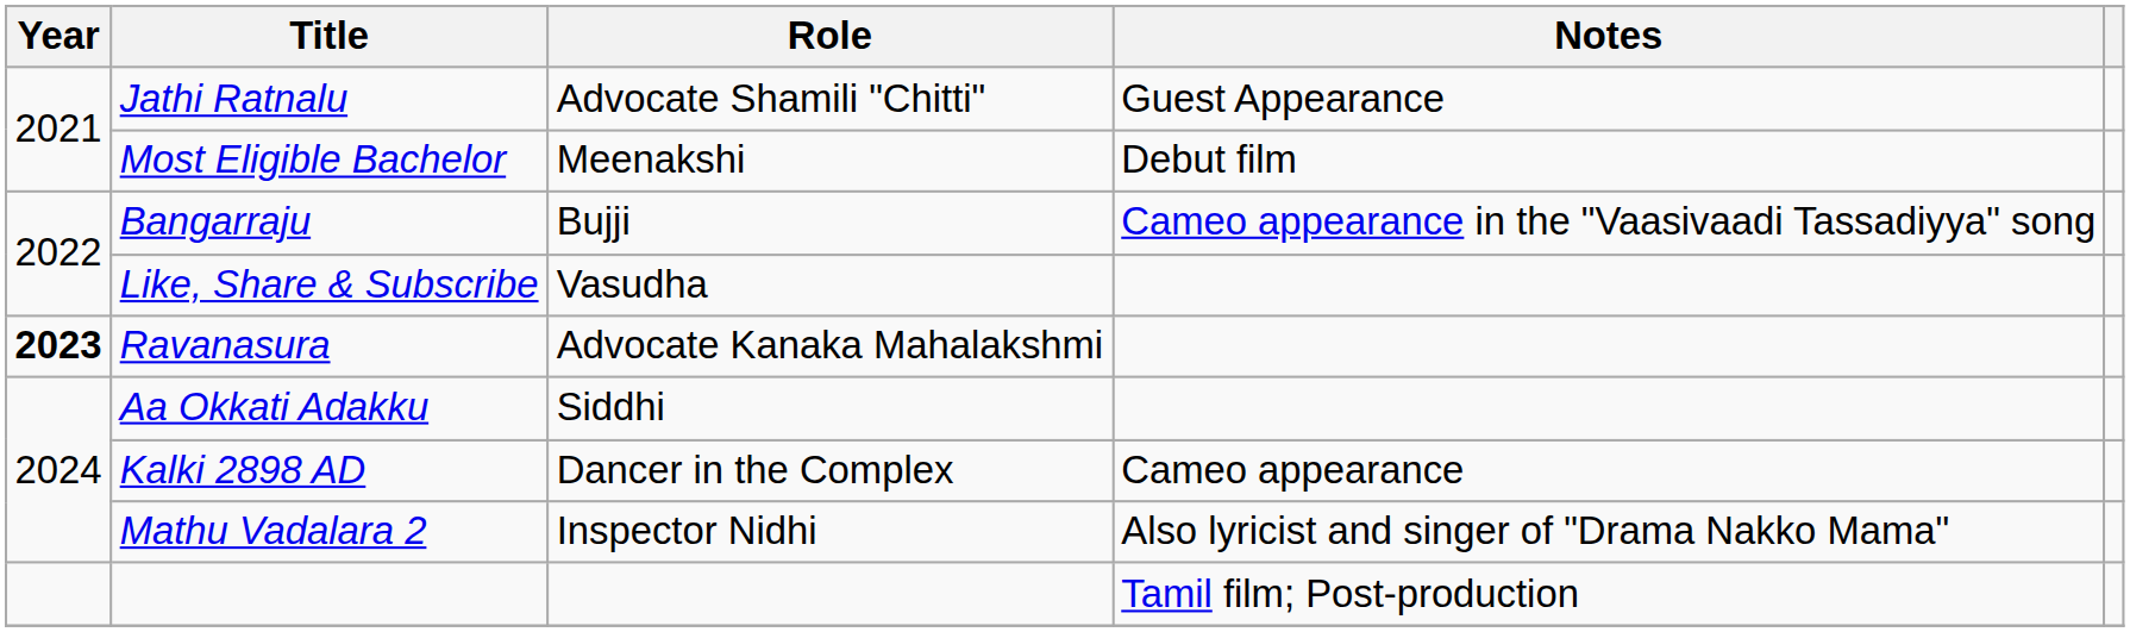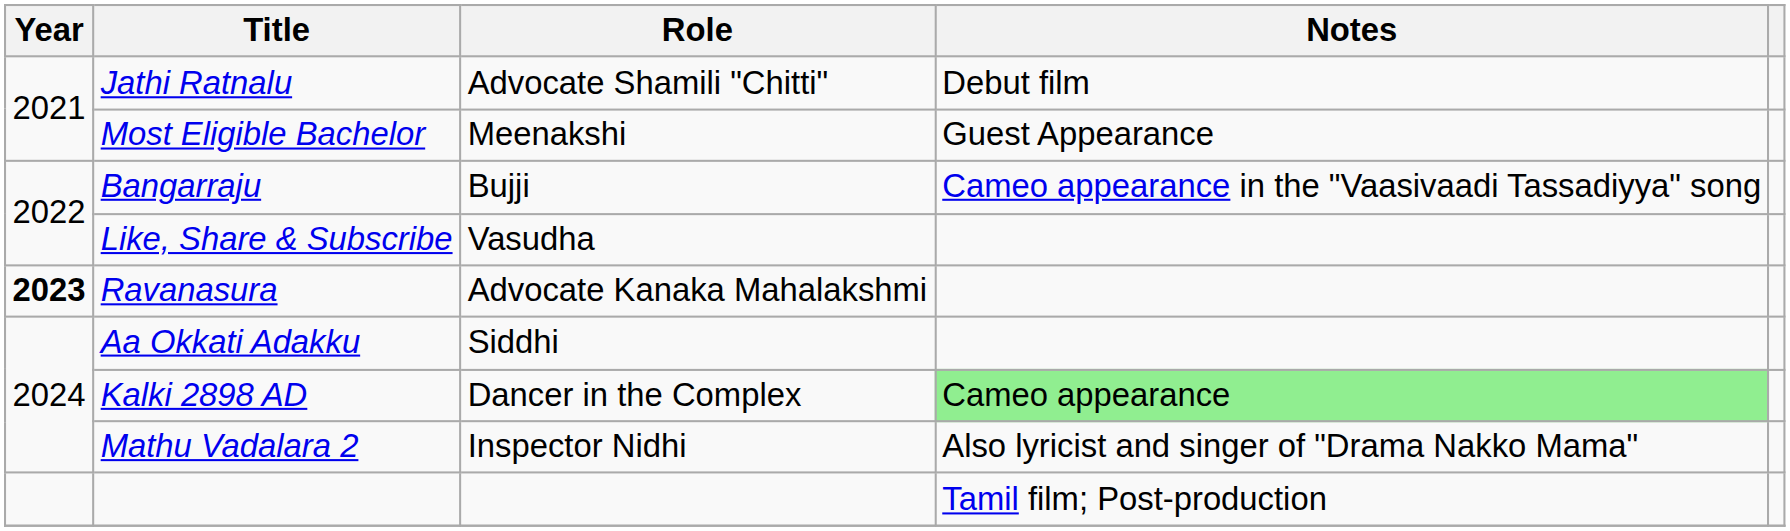 <table class="wikitable sortable">
 <tr>
 <th>Year</th>
 <th>Title</th>
 <th>Role</th>
 <th>Notes</th>
 <th></th>
 </tr>
 <tr>
 <td rowspan="2">2021</td>
 <td><em><a href='#'>Jathi Ratnalu</a></em></td>
 <td>Advocate Shamili "Chitti"</td>
-<td>Guest Appearance</td>
+<td>Debut film</td>
 <td></td>
 </tr>
 <tr>
 <td><em><a href='#'>Most Eligible Bachelor</a></em></td>
 <td>Meenakshi</td>
-<td>Debut film</td>
+<td>Guest Appearance</td>
 <td></td>
 </tr>
 <tr>
 <td rowspan="2">2022</td>
 <td><em><a href='#'>Bangarraju</a></em></td>
 <td>Bujji</td>
 <td><a href='#'>Cameo appearance</a> in the "Vaasivaadi Tassadiyya" song</td>
 <td></td>
 </tr>
 <tr>
 <td><em><a href='#'>Like, Share & Subscribe</a></em></td>
 <td>Vasudha</td>
 <td></td>
 <td></td>
 </tr>
 <tr>
 <td><strong>2023</strong></td>
 <td><em><a href='#'>Ravanasura</a></em></td>
 <td>Advocate Kanaka Mahalakshmi</td>
 <td></td>
 <td></td>
 </tr>
 <tr>
 <td rowspan="3">2024</td>
 <td><em><a href='#'>Aa Okkati Adakku</a></em></td>
 <td>Siddhi</td>
 <td></td>
 <td></td>
 </tr>
 <tr>
 <td><em><a href='#'>Kalki 2898 AD</a></em></td>
 <td>Dancer in the Complex</td>
-<td>Cameo appearance</td>
+<td style="background: lightgreen;">Cameo appearance</td>
 <td></td>
 </tr>
 <tr>
 <td><em><a href='#'>Mathu Vadalara 2</a></em></td>
 <td>Inspector Nidhi</td>
 <td>Also lyricist and singer of "Drama Nakko Mama"</td>
 <td></td>
 </tr>
 <tr>
 <td></td>
 <td></td>
 <td></td>
 <td><a href='#'>Tamil</a> film; Post-production</td>
 <td></td>
 </tr>
 <tr>
 </tr>
 </table>
